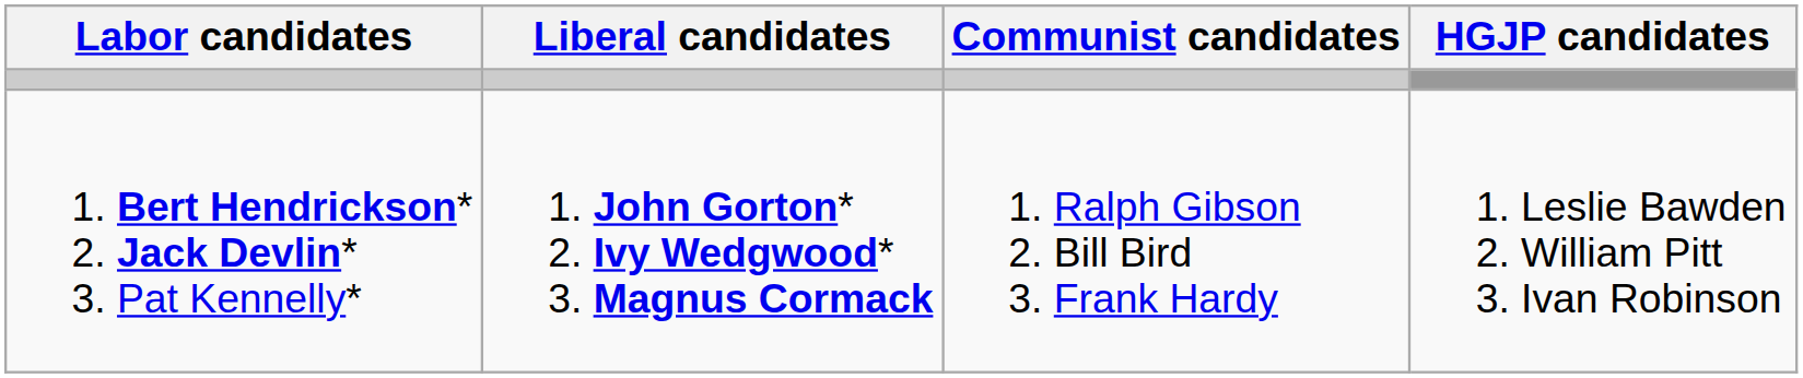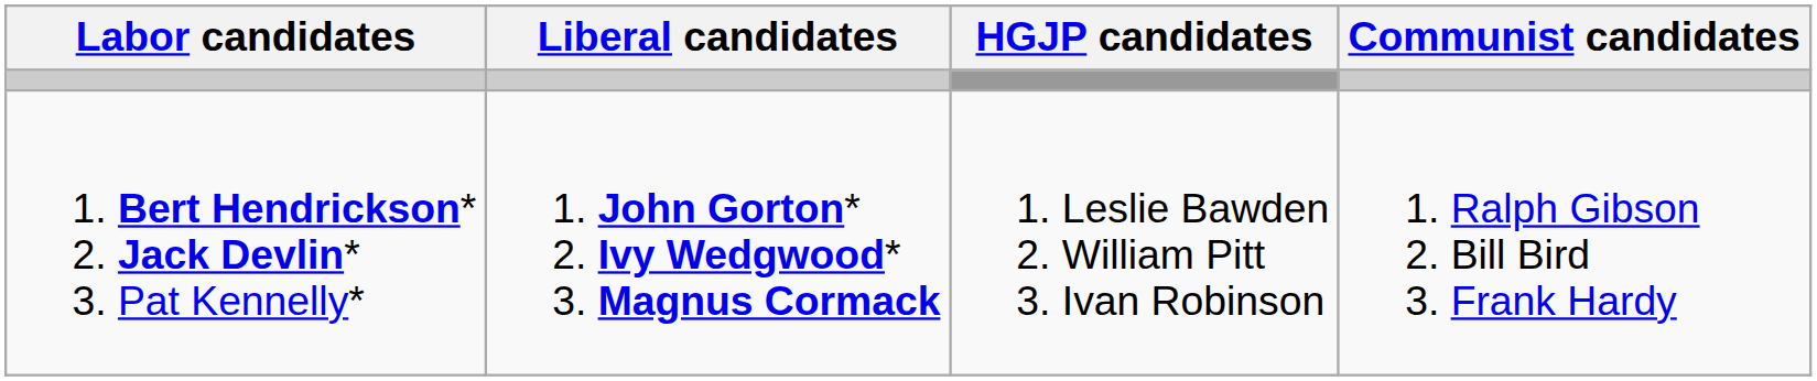 <table class="wikitable">
 <tr>
 <th><a href='#'>Labor</a> candidates</th>
 <th><a href='#'>Liberal</a> candidates</th>
+<th><a href='#'>HGJP</a> candidates</th>
 <th><a href='#'>Communist</a> candidates</th>
-<th><a href='#'>HGJP</a> candidates</th>
 </tr>
 <tr bgcolor="#cccccc">
 <td></td>
 <td></td>
+<td bgcolor="#999999"></td>
 <td></td>
-<td bgcolor="#999999"></td>
 </tr>
 <tr>
 <td><br><ol><li><strong><a href='#'>Bert Hendrickson</a></strong>*</li><li><strong><a href='#'>Jack Devlin</a></strong>*</li><li><a href='#'>Pat Kennelly</a>*</li></ol></td>
 <td><br><ol><li><strong><a href='#'>John Gorton</a></strong>*</li><li><strong><a href='#'>Ivy Wedgwood</a></strong>*</li><li><strong><a href='#'>Magnus Cormack</a></strong></li></ol></td>
+<td valign=top><br><ol><li>Leslie Bawden</li><li>William Pitt</li><li>Ivan Robinson</li></ol></td>
 <td valign=top><br><ol><li><a href='#'>Ralph Gibson</a></li><li>Bill Bird</li><li><a href='#'>Frank Hardy</a></li></ol></td>
-<td valign=top><br><ol><li>Leslie Bawden</li><li>William Pitt</li><li>Ivan Robinson</li></ol></td>
 </tr>
 </table>
